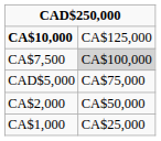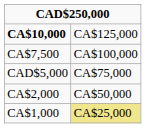 <table class=wikitable>
 <tr>
 <td colspan=2 align=center><strong>CAD$250,000</strong></td>
 </tr>
 <tr>
 <td><strong>CA$10,000</strong></td>
 <td>CA$125,000</td>
 </tr>
 <tr>
 <td>CA$7,500</td>
-<td style="background: lightgrey;">CA$100,000</td>
+<td>CA$100,000</td>
 </tr>
 <tr>
 <td>CAD$5,000</td>
 <td>CA$75,000</td>
 </tr>
 <tr>
 <td>CA$2,000</td>
 <td>CA$50,000</td>
 </tr>
 <tr>
 <td>CA$1,000</td>
-<td>CA$25,000</td>
+<td style="background: khaki;">CA$25,000</td>
 </tr>
 </table>
